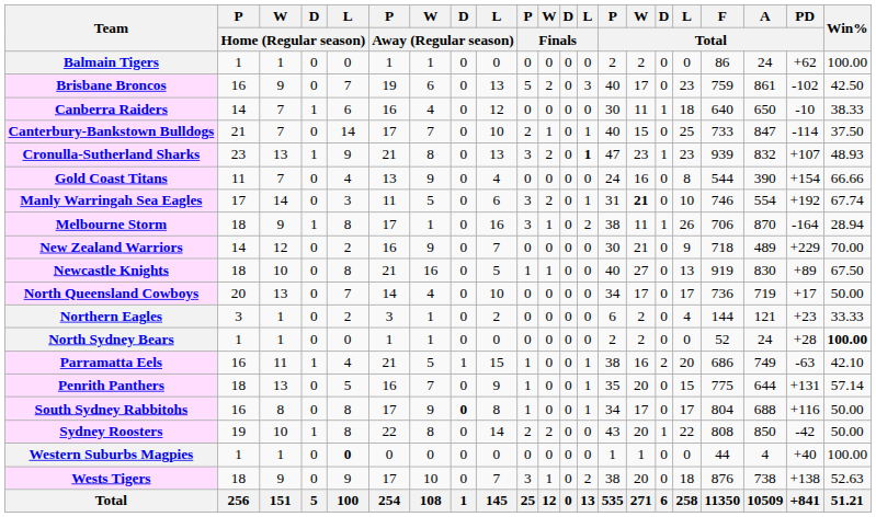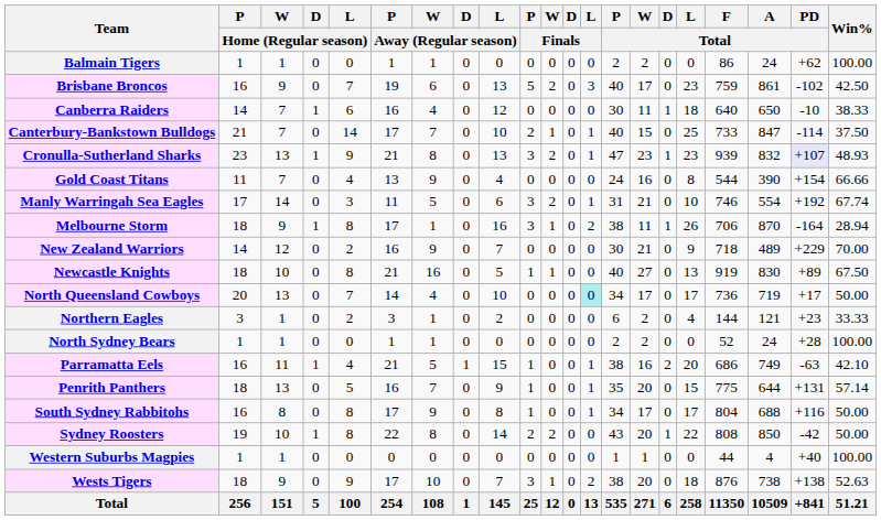 <table class="wikitable plainrowheaders sortable" style="text-align:center">
 <tr>
 <th rowspan="2">Team</th>
 <th>P</th>
 <th>W</th>
 <th>D</th>
 <th>L</th>
 <th>P</th>
 <th>W</th>
 <th>D</th>
 <th>L</th>
 <th>P</th>
 <th>W</th>
 <th>D</th>
 <th>L</th>
 <th>P</th>
 <th>W</th>
 <th>D</th>
 <th>L</th>
 <th>F</th>
 <th>A</th>
 <th>PD</th>
 <th rowspan="2">Win%</th>
 </tr>
 <tr>
 <th colspan="4">Home (Regular season)</th>
 <th colspan="4">Away (Regular season)</th>
 <th colspan="4">Finals</th>
 <th colspan="7">Total</th>
 </tr>
 <tr>
 <th scope="row"><a href='#'>Balmain Tigers</a></th>
 <td>1</td>
 <td>1</td>
 <td>0</td>
 <td>0</td>
 <td>1</td>
 <td>1</td>
 <td>0</td>
 <td>0</td>
 <td>0</td>
 <td>0</td>
 <td>0</td>
 <td>0</td>
 <td>2</td>
 <td>2</td>
 <td>0</td>
 <td>0</td>
 <td>86</td>
 <td>24</td>
 <td>+62</td>
 <td>100.00</td>
 </tr>
 <tr>
 <th scope="row" style="background:#FFDDFF"><a href='#'>Brisbane Broncos</a> </th>
 <td>16</td>
 <td>9</td>
 <td>0</td>
 <td>7</td>
 <td>19</td>
 <td>6</td>
 <td>0</td>
 <td>13</td>
 <td>5</td>
 <td>2</td>
 <td>0</td>
 <td>3</td>
 <td>40</td>
 <td>17</td>
 <td>0</td>
 <td>23</td>
 <td>759</td>
 <td>861</td>
 <td>-102</td>
 <td>42.50</td>
 </tr>
 <tr>
 <th scope="row" style="background:#FFDDFF"><a href='#'>Canberra Raiders</a> </th>
 <td>14</td>
 <td>7</td>
 <td>1</td>
 <td>6</td>
 <td>16</td>
 <td>4</td>
 <td>0</td>
 <td>12</td>
 <td>0</td>
 <td>0</td>
 <td>0</td>
 <td>0</td>
 <td>30</td>
 <td>11</td>
 <td>1</td>
 <td>18</td>
 <td>640</td>
 <td>650</td>
 <td>-10</td>
 <td>38.33</td>
 </tr>
 <tr>
 <th scope="row" style="background:#FFDDFF"><a href='#'>Canterbury-Bankstown Bulldogs</a> </th>
 <td>21</td>
 <td>7</td>
 <td>0</td>
 <td>14</td>
 <td>17</td>
 <td>7</td>
 <td>0</td>
 <td>10</td>
 <td>2</td>
 <td>1</td>
 <td>0</td>
 <td>1</td>
 <td>40</td>
 <td>15</td>
 <td>0</td>
 <td>25</td>
 <td>733</td>
 <td>847</td>
 <td>-114</td>
 <td>37.50</td>
 </tr>
 <tr>
 <th scope="row" style="background:#FFDDFF"><a href='#'>Cronulla-Sutherland Sharks</a> </th>
 <td>23</td>
 <td>13</td>
 <td>1</td>
 <td>9</td>
 <td>21</td>
 <td>8</td>
 <td>0</td>
 <td>13</td>
 <td>3</td>
 <td>2</td>
 <td>0</td>
-<td><strong>1</strong></td>
+<td>1</td>
 <td>47</td>
 <td>23</td>
 <td>1</td>
 <td>23</td>
 <td>939</td>
 <td>832</td>
-<td>+107</td>
+<td style="background: lavender;">+107</td>
 <td>48.93</td>
 </tr>
 <tr>
 <th scope="row" style="background:#FFDDFF"><a href='#'>Gold Coast Titans</a> </th>
 <td>11</td>
 <td>7</td>
 <td>0</td>
 <td>4</td>
 <td>13</td>
 <td>9</td>
 <td>0</td>
 <td>4</td>
 <td>0</td>
 <td>0</td>
 <td>0</td>
 <td>0</td>
 <td>24</td>
 <td>16</td>
 <td>0</td>
 <td>8</td>
 <td>544</td>
 <td>390</td>
 <td>+154</td>
 <td>66.66</td>
 </tr>
 <tr>
 <th scope="row" style="background:#FFDDFF"><a href='#'>Manly Warringah Sea Eagles</a> </th>
 <td>17</td>
 <td>14</td>
 <td>0</td>
 <td>3</td>
 <td>11</td>
 <td>5</td>
 <td>0</td>
 <td>6</td>
 <td>3</td>
 <td>2</td>
 <td>0</td>
 <td>1</td>
 <td>31</td>
-<td><strong>21</strong></td>
+<td>21</td>
 <td>0</td>
 <td>10</td>
 <td>746</td>
 <td>554</td>
 <td>+192</td>
 <td>67.74</td>
 </tr>
 <tr>
 <th scope="row" style="background:#FFDDFF"><a href='#'>Melbourne Storm</a> </th>
 <td>18</td>
 <td>9</td>
 <td>1</td>
 <td>8</td>
 <td>17</td>
 <td>1</td>
 <td>0</td>
 <td>16</td>
 <td>3</td>
 <td>1</td>
 <td>0</td>
 <td>2</td>
 <td>38</td>
 <td>11</td>
 <td>1</td>
 <td>26</td>
 <td>706</td>
 <td>870</td>
 <td>-164</td>
 <td>28.94</td>
 </tr>
 <tr>
 <th scope="row" style="background:#FFDDFF"><a href='#'>New Zealand Warriors</a> </th>
 <td>14</td>
 <td>12</td>
 <td>0</td>
 <td>2</td>
 <td>16</td>
 <td>9</td>
 <td>0</td>
 <td>7</td>
 <td>0</td>
 <td>0</td>
 <td>0</td>
 <td>0</td>
 <td>30</td>
 <td>21</td>
 <td>0</td>
 <td>9</td>
 <td>718</td>
 <td>489</td>
 <td>+229</td>
 <td>70.00</td>
 </tr>
 <tr>
 <th scope="row" style="background:#FFDDFF"><a href='#'>Newcastle Knights</a> </th>
 <td>18</td>
 <td>10</td>
 <td>0</td>
 <td>8</td>
 <td>21</td>
 <td>16</td>
 <td>0</td>
 <td>5</td>
 <td>1</td>
 <td>1</td>
 <td>0</td>
 <td>0</td>
 <td>40</td>
 <td>27</td>
 <td>0</td>
 <td>13</td>
 <td>919</td>
 <td>830</td>
 <td>+89</td>
 <td>67.50</td>
 </tr>
 <tr>
 <th scope="row" style="background:#FFDDFF"><a href='#'>North Queensland Cowboys</a> </th>
 <td>20</td>
 <td>13</td>
 <td>0</td>
 <td>7</td>
 <td>14</td>
 <td>4</td>
 <td>0</td>
 <td>10</td>
 <td>0</td>
 <td>0</td>
 <td>0</td>
-<td>0</td>
+<td style="background: paleturquoise;">0</td>
 <td>34</td>
 <td>17</td>
 <td>0</td>
 <td>17</td>
 <td>736</td>
 <td>719</td>
 <td>+17</td>
 <td>50.00</td>
 </tr>
 <tr>
 <th scope="row"><a href='#'>Northern Eagles</a></th>
 <td>3</td>
 <td>1</td>
 <td>0</td>
 <td>2</td>
 <td>3</td>
 <td>1</td>
 <td>0</td>
 <td>2</td>
 <td>0</td>
 <td>0</td>
 <td>0</td>
 <td>0</td>
 <td>6</td>
 <td>2</td>
 <td>0</td>
 <td>4</td>
 <td>144</td>
 <td>121</td>
 <td>+23</td>
 <td>33.33</td>
 </tr>
 <tr>
 <th scope="row"><a href='#'>North Sydney Bears</a></th>
 <td>1</td>
 <td>1</td>
 <td>0</td>
 <td>0</td>
 <td>1</td>
 <td>1</td>
 <td>0</td>
 <td>0</td>
 <td>0</td>
 <td>0</td>
 <td>0</td>
 <td>0</td>
 <td>2</td>
 <td>2</td>
 <td>0</td>
 <td>0</td>
 <td>52</td>
 <td>24</td>
 <td>+28</td>
-<td><strong>100.00</strong></td>
+<td>100.00</td>
 </tr>
 <tr>
 <th scope="row" style="background:#FFDDFF"><a href='#'>Parramatta Eels</a> </th>
 <td>16</td>
 <td>11</td>
 <td>1</td>
 <td>4</td>
 <td>21</td>
 <td>5</td>
 <td>1</td>
 <td>15</td>
 <td>1</td>
 <td>0</td>
 <td>0</td>
 <td>1</td>
 <td>38</td>
 <td>16</td>
 <td>2</td>
 <td>20</td>
 <td>686</td>
 <td>749</td>
 <td>-63</td>
 <td>42.10</td>
 </tr>
 <tr>
 <th scope="row" style="background:#FFDDFF"><a href='#'>Penrith Panthers</a> </th>
 <td>18</td>
 <td>13</td>
 <td>0</td>
 <td>5</td>
 <td>16</td>
 <td>7</td>
 <td>0</td>
 <td>9</td>
 <td>1</td>
 <td>0</td>
 <td>0</td>
 <td>1</td>
 <td>35</td>
 <td>20</td>
 <td>0</td>
 <td>15</td>
 <td>775</td>
 <td>644</td>
 <td>+131</td>
 <td>57.14</td>
 </tr>
 <tr>
 <th scope="row" style="background:#FFDDFF"><a href='#'>South Sydney Rabbitohs</a> </th>
 <td>16</td>
 <td>8</td>
 <td>0</td>
 <td>8</td>
 <td>17</td>
 <td>9</td>
-<td><strong>0</strong></td>
+<td>0</td>
 <td>8</td>
 <td>1</td>
 <td>0</td>
 <td>0</td>
 <td>1</td>
 <td>34</td>
 <td>17</td>
 <td>0</td>
 <td>17</td>
 <td>804</td>
 <td>688</td>
 <td>+116</td>
 <td>50.00</td>
 </tr>
 <tr>
 <th scope="row" style="background:#FFDDFF"><a href='#'>Sydney Roosters</a> </th>
 <td>19</td>
 <td>10</td>
 <td>1</td>
 <td>8</td>
 <td>22</td>
 <td>8</td>
 <td>0</td>
 <td>14</td>
 <td>2</td>
 <td>2</td>
 <td>0</td>
 <td>0</td>
 <td>43</td>
 <td>20</td>
 <td>1</td>
 <td>22</td>
 <td>808</td>
 <td>850</td>
 <td>-42</td>
 <td>50.00</td>
 </tr>
 <tr>
 <th scope="row"><a href='#'>Western Suburbs Magpies</a></th>
 <td>1</td>
 <td>1</td>
 <td>0</td>
-<td><strong>0</strong></td>
+<td>0</td>
 <td>0</td>
 <td>0</td>
 <td>0</td>
 <td>0</td>
 <td>0</td>
 <td>0</td>
 <td>0</td>
 <td>0</td>
 <td>1</td>
 <td>1</td>
 <td>0</td>
 <td>0</td>
 <td>44</td>
 <td>4</td>
 <td>+40</td>
 <td>100.00</td>
 </tr>
 <tr>
 <th scope="row" style="background:#FFDDFF"><a href='#'>Wests Tigers</a> </th>
 <td>18</td>
 <td>9</td>
 <td>0</td>
 <td>9</td>
 <td>17</td>
 <td>10</td>
 <td>0</td>
 <td>7</td>
 <td>3</td>
 <td>1</td>
 <td>0</td>
 <td>2</td>
 <td>38</td>
 <td>20</td>
 <td>0</td>
 <td>18</td>
 <td>876</td>
 <td>738</td>
 <td>+138</td>
 <td>52.63</td>
 </tr>
 <tr>
 <th>Total</th>
 <th><strong>256</strong></th>
 <th><strong>151</strong></th>
 <th><strong>5</strong></th>
 <th><strong>100</strong></th>
 <th><strong>254</strong></th>
 <th><strong>108</strong></th>
 <th><strong>1</strong></th>
 <th><strong>145</strong></th>
 <th><strong>25</strong></th>
 <th><strong>12</strong></th>
 <th><strong>0</strong></th>
 <th><strong>13</strong></th>
 <th><strong>535</strong></th>
 <th><strong>271</strong></th>
 <th><strong>6</strong></th>
 <th><strong>258</strong></th>
 <th><strong>11350</strong></th>
 <th><strong>10509</strong></th>
 <th>+841</th>
 <th>51.21</th>
 </tr>
 </table>
